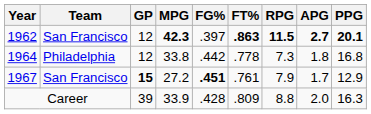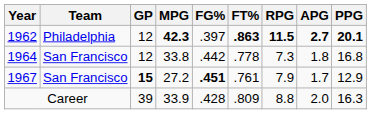 <table class="wikitable sortable" style="font-size:95%; text-align:right;">
 <tr>
 <th>Year</th>
 <th>Team</th>
 <th>GP</th>
 <th>MPG</th>
 <th>FG%</th>
 <th>FT%</th>
 <th>RPG</th>
 <th>APG</th>
 <th>PPG</th>
 </tr>
 <tr>
 <td style="text-align:left;"><a href='#'>1962</a></td>
-<td style="text-align:left;"><a href='#'>San Francisco</a></td>
+<td style="text-align:left;"><a href='#'>Philadelphia</a></td>
 <td>12</td>
 <td><strong>42.3</strong></td>
 <td>.397</td>
 <td><strong>.863</strong></td>
 <td><strong>11.5</strong></td>
 <td><strong>2.7</strong></td>
 <td><strong>20.1</strong></td>
 </tr>
 <tr>
 <td style="text-align:left;"><a href='#'>1964</a></td>
-<td style="text-align:left;"><a href='#'>Philadelphia</a></td>
+<td style="text-align:left;"><a href='#'>San Francisco</a></td>
 <td>12</td>
 <td>33.8</td>
 <td>.442</td>
 <td>.778</td>
 <td>7.3</td>
 <td>1.8</td>
 <td>16.8</td>
 </tr>
 <tr>
 <td style="text-align:left;"><a href='#'>1967</a></td>
 <td style="text-align:left;"><a href='#'>San Francisco</a></td>
 <td><strong>15</strong></td>
 <td>27.2</td>
 <td><strong>.451</strong></td>
 <td>.761</td>
 <td>7.9</td>
 <td>1.7</td>
 <td>12.9</td>
 </tr>
 <tr class="sortbottom">
 <td colspan="2" style="text-align:center;">Career</td>
 <td>39</td>
 <td>33.9</td>
 <td>.428</td>
 <td>.809</td>
 <td>8.8</td>
 <td>2.0</td>
 <td>16.3</td>
 </tr>
 </table>
